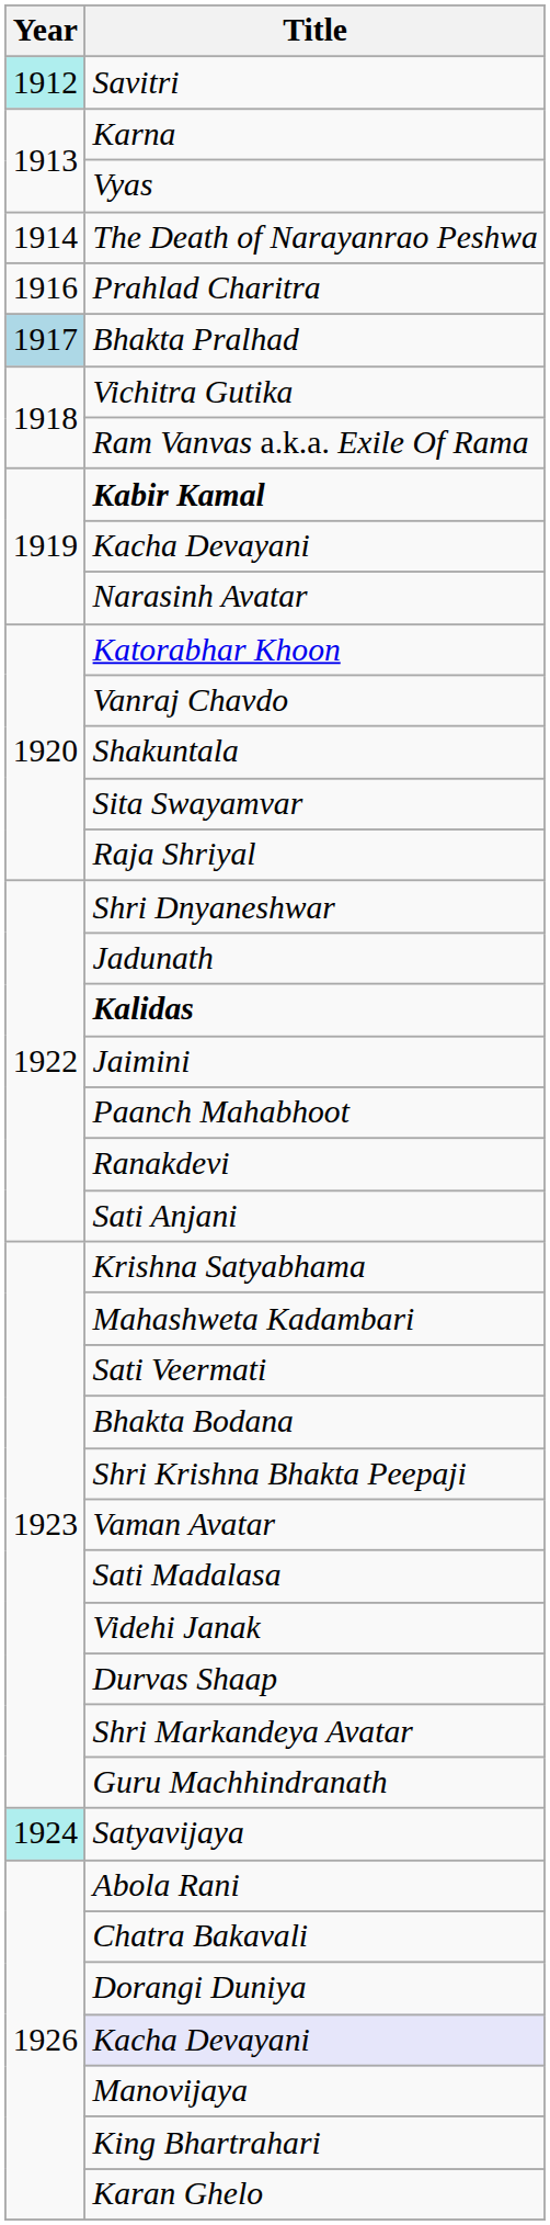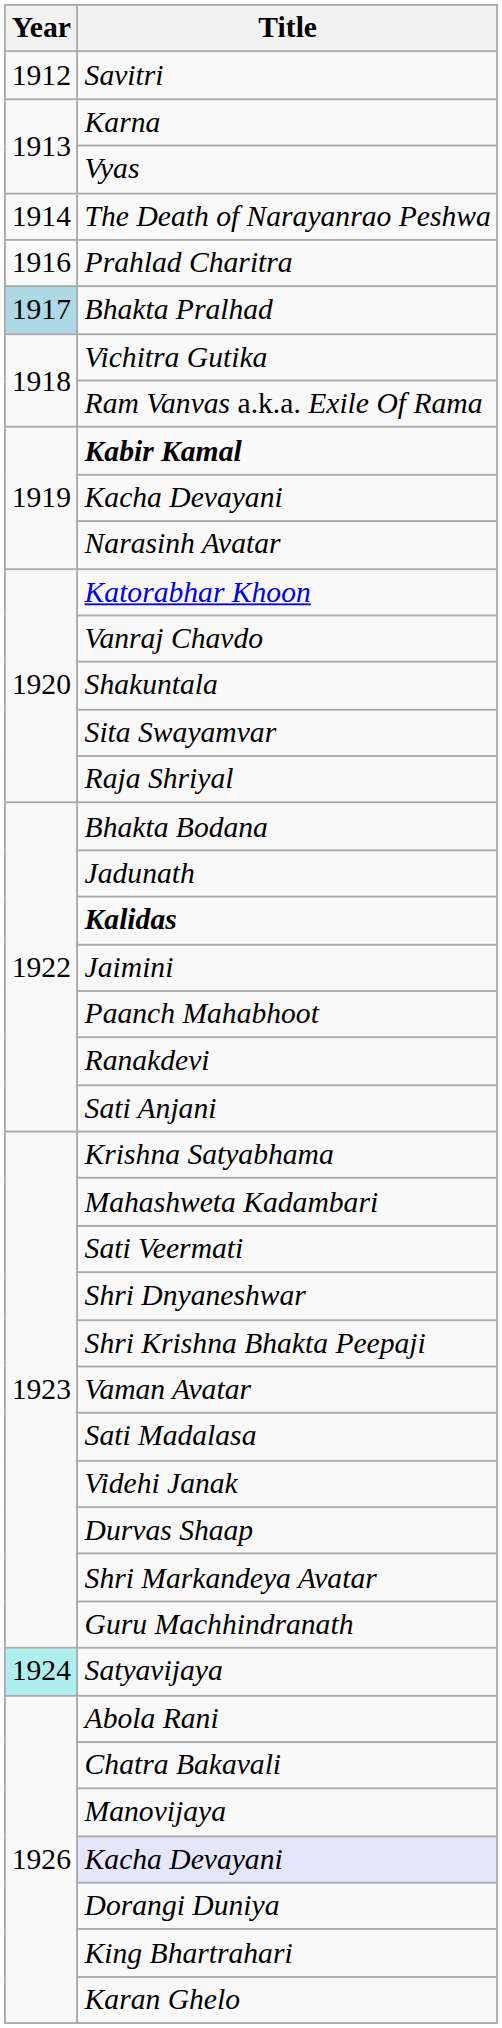 <table class="wikitable">
 <tr>
 <th>Year</th>
 <th>Title</th>
 </tr>
 <tr>
-<td rowspan="1" style="background: paleturquoise;">1912</td>
+<td rowspan="1">1912</td>
 <td><em>Savitri</em></td>
 </tr>
 <tr>
 <td rowspan="2">1913</td>
 <td><em>Karna</em></td>
 </tr>
 <tr>
 <td><em>Vyas</em></td>
 </tr>
 <tr>
 <td rowspan="1">1914</td>
 <td><em>The Death of Narayanrao Peshwa</em></td>
 </tr>
 <tr>
 <td rowspan="1">1916</td>
 <td><em>Prahlad Charitra</em></td>
 </tr>
 <tr>
 <td rowspan="1" style="background: lightblue;">1917</td>
 <td><em>Bhakta Pralhad</em></td>
 </tr>
 <tr>
 <td rowspan="2">1918</td>
 <td><em>Vichitra Gutika</em></td>
 </tr>
 <tr>
 <td><em>Ram Vanvas</em> a.k.a. <em>Exile Of Rama</em></td>
 </tr>
 <tr>
 <td rowspan="3">1919</td>
 <td><strong><em>Kabir Kamal</em></strong></td>
 </tr>
 <tr>
 <td><em>Kacha Devayani</em></td>
 </tr>
 <tr>
 <td><em>Narasinh Avatar</em></td>
 </tr>
 <tr>
 <td rowspan="5">1920</td>
 <td><em><a href='#'>Katorabhar Khoon</a></em></td>
 </tr>
 <tr>
 <td><em>Vanraj Chavdo</em></td>
 </tr>
 <tr>
 <td><em>Shakuntala</em></td>
 </tr>
 <tr>
 <td><em>Sita Swayamvar</em></td>
 </tr>
 <tr>
 <td><em>Raja Shriyal</em></td>
 </tr>
 <tr>
 <td rowspan="7">1922</td>
-<td><em>Shri Dnyaneshwar</em></td>
+<td><em>Bhakta Bodana</em></td>
 </tr>
 <tr>
 <td><em>Jadunath</em></td>
 </tr>
 <tr>
 <td><strong><em>Kalidas</em></strong></td>
 </tr>
 <tr>
 <td><em>Jaimini</em></td>
 </tr>
 <tr>
 <td><em>Paanch Mahabhoot</em></td>
 </tr>
 <tr>
 <td><em>Ranakdevi</em></td>
 </tr>
 <tr>
 <td><em>Sati Anjani</em></td>
 </tr>
 <tr>
 <td rowspan="11">1923</td>
 <td><em>Krishna Satyabhama</em></td>
 </tr>
 <tr>
 <td><em>Mahashweta Kadambari</em></td>
 </tr>
 <tr>
 <td><em>Sati Veermati</em></td>
 </tr>
 <tr>
-<td><em>Bhakta Bodana</em></td>
+<td><em>Shri Dnyaneshwar</em></td>
 </tr>
 <tr>
 <td><em>Shri Krishna Bhakta Peepaji</em></td>
 </tr>
 <tr>
 <td><em>Vaman Avatar</em></td>
 </tr>
 <tr>
 <td><em>Sati Madalasa</em></td>
 </tr>
 <tr>
 <td><em>Videhi Janak</em></td>
 </tr>
 <tr>
 <td><em>Durvas Shaap</em></td>
 </tr>
 <tr>
 <td><em>Shri Markandeya Avatar</em></td>
 </tr>
 <tr>
 <td><em>Guru Machhindranath</em></td>
 </tr>
 <tr>
 <td rowspan="1" style="background: paleturquoise;">1924</td>
 <td><em>Satyavijaya</em></td>
 </tr>
 <tr>
 <td rowspan="7">1926</td>
 <td><em>Abola Rani</em></td>
 </tr>
 <tr>
 <td><em>Chatra Bakavali</em></td>
 </tr>
 <tr>
-<td><em>Dorangi Duniya</em></td>
+<td><em>Manovijaya</em></td>
 </tr>
 <tr>
 <td style="background: lavender;"><em>Kacha Devayani</em></td>
 </tr>
 <tr>
-<td><em>Manovijaya</em></td>
+<td><em>Dorangi Duniya</em></td>
 </tr>
 <tr>
 <td><em>King Bhartrahari</em></td>
 </tr>
 <tr>
 <td><em>Karan Ghelo</em></td>
 </tr>
 <tr>
 </tr>
 </table>
